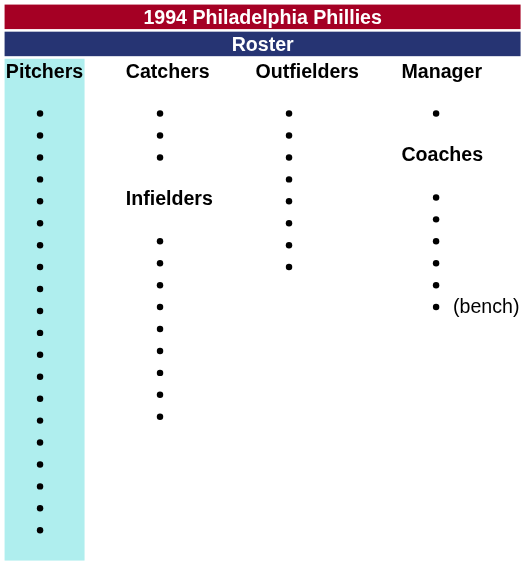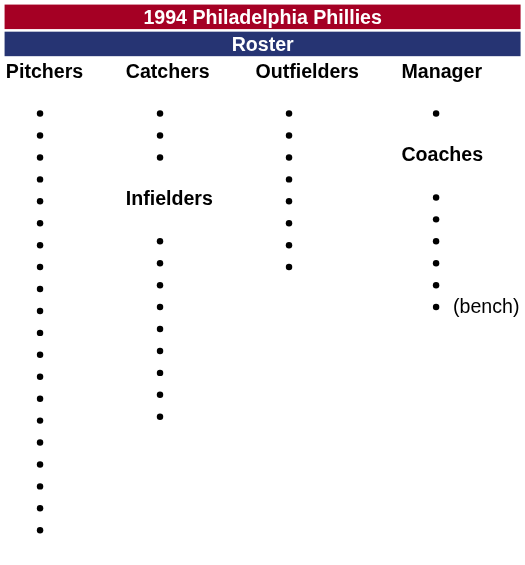 <table class="toccolours" style="font-size: 95%;">
 <tr>
 <th colspan="10" style="background:#a50024; color:#fff; text-align:center;">1994 Philadelphia Phillies</th>
 </tr>
 <tr>
 <td colspan="10" style="background:#263473; color:white; text-align:center;"><strong>Roster</strong></td>
 </tr>
 <tr>
-<td valign="top" style="background: paleturquoise;"><strong>Pitchers</strong><br><ul><li></li><li></li><li></li><li></li><li></li><li></li><li></li><li></li><li></li><li></li><li></li><li></li><li></li><li></li><li></li><li></li><li></li><li></li><li></li><li></li></ul></td>
+<td valign="top"><strong>Pitchers</strong><br><ul><li></li><li></li><li></li><li></li><li></li><li></li><li></li><li></li><li></li><li></li><li></li><li></li><li></li><li></li><li></li><li></li><li></li><li></li><li></li><li></li></ul></td>
 <td style="width:25px;"></td>
 <td valign="top"><strong>Catchers</strong><br><ul><li></li><li></li><li></li></ul><strong>Infielders</strong><ul><li></li><li></li><li></li><li></li><li></li><li></li><li></li><li></li><li></li></ul></td>
 <td style="width:25px;"></td>
 <td valign="top"><strong>Outfielders</strong><br><ul><li></li><li></li><li></li><li></li><li></li><li></li><li></li><li></li></ul></td>
 <td style="width:25px;"></td>
 <td valign="top"><strong>Manager</strong><br><ul><li></li></ul><strong>Coaches</strong><ul><li></li><li></li><li></li><li></li><li></li><li> (bench)</li></ul></td>
 </tr>
 </table>
